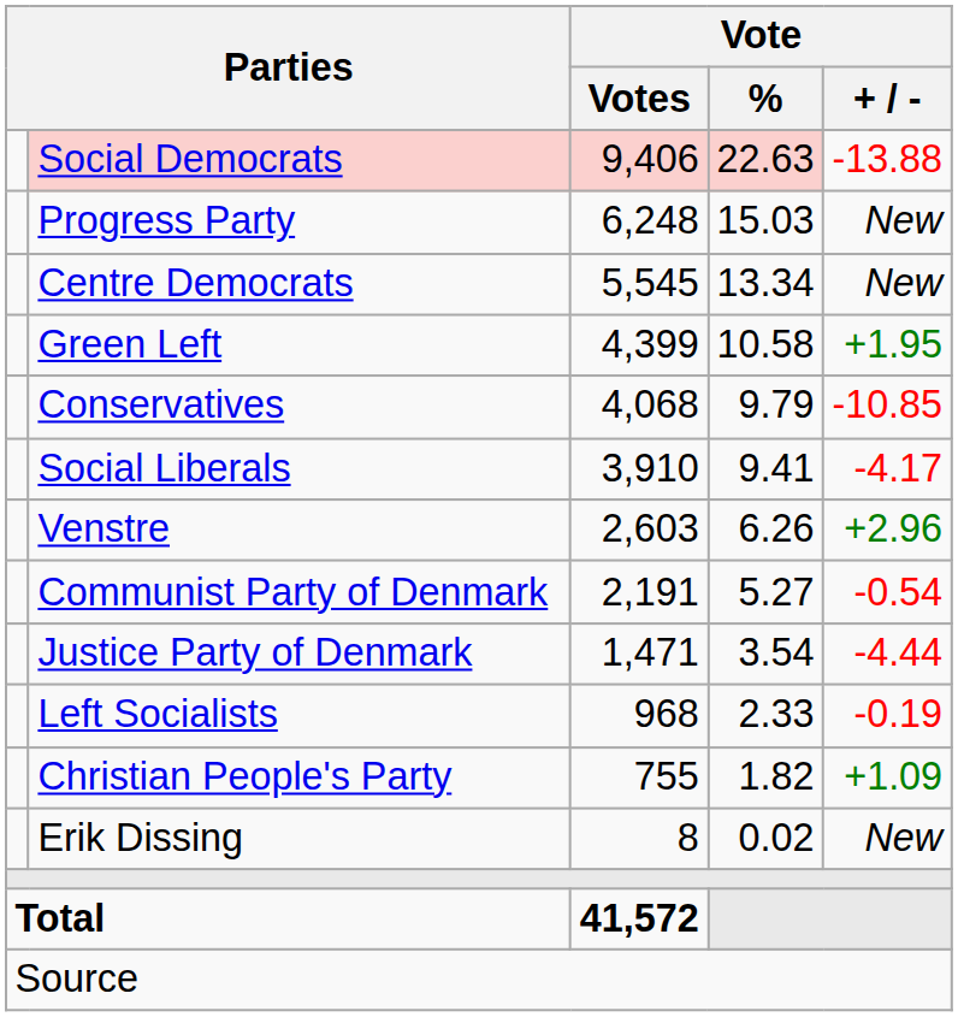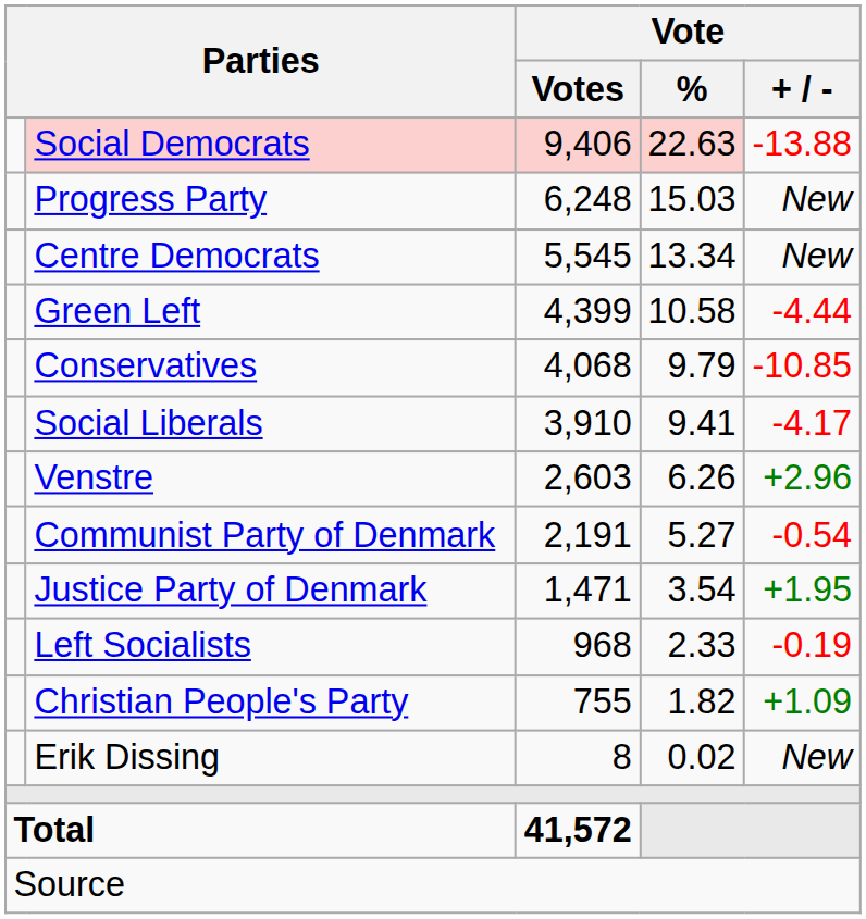 <table class="wikitable" style="text-align:right;">
 <tr>
 <th style="text-align:centre;" rowspan="2" colspan="2" width="225">Parties</th>
 <th colspan="3">Vote</th>
 </tr>
 <tr>
 <th width="15">Votes</th>
 <th width="15">%</th>
 <th width="15">+ / -</th>
 </tr>
 <tr>
 <td width="2" style="color:inherit;background:"></td>
 <td bgcolor=#fbd0ce  align="left"><a href='#'>Social Democrats</a></td>
 <td bgcolor=#fbd0ce>9,406</td>
 <td bgcolor=#fbd0ce>22.63</td>
 <td style=color:red;>-13.88</td>
 </tr>
 <tr>
 <td width="2" style="color:inherit;background:"></td>
 <td align="left"><a href='#'>Progress Party</a></td>
 <td>6,248</td>
 <td>15.03</td>
 <td><em>New</em></td>
 </tr>
 <tr>
 <td width="2" style="color:inherit;background:"></td>
 <td align="left"><a href='#'>Centre Democrats</a></td>
 <td>5,545</td>
 <td>13.34</td>
 <td><em>New</em></td>
 </tr>
 <tr>
 <td width="2" style="color:inherit;background:"></td>
 <td align="left"><a href='#'>Green Left</a></td>
 <td>4,399</td>
 <td>10.58</td>
-<td style=color:green;>+1.95</td>
+<td style=color:red;>-4.44</td>
 </tr>
 <tr>
 <td width="2" style="color:inherit;background:"></td>
 <td align="left"><a href='#'>Conservatives</a></td>
 <td>4,068</td>
 <td>9.79</td>
 <td style=color:red;>-10.85</td>
 </tr>
 <tr>
 <td width="2" style="color:inherit;background:"></td>
 <td align="left"><a href='#'>Social Liberals</a></td>
 <td>3,910</td>
 <td>9.41</td>
 <td style=color:red;>-4.17</td>
 </tr>
 <tr>
 <td width="2" style="color:inherit;background:"></td>
 <td align="left"><a href='#'>Venstre</a></td>
 <td>2,603</td>
 <td>6.26</td>
 <td style=color:green;>+2.96</td>
 </tr>
 <tr>
 <td width="2" style="color:inherit;background:"></td>
 <td align="left"><a href='#'>Communist Party of Denmark</a></td>
 <td>2,191</td>
 <td>5.27</td>
 <td style=color:red;>-0.54</td>
 </tr>
 <tr>
 <td width="2" style="color:inherit;background:"></td>
 <td align="left"><a href='#'>Justice Party of Denmark</a></td>
 <td>1,471</td>
 <td>3.54</td>
-<td style=color:red;>-4.44</td>
+<td style=color:green;>+1.95</td>
 </tr>
 <tr>
 <td width="2" style="color:inherit;background:"></td>
 <td align="left"><a href='#'>Left Socialists</a></td>
 <td>968</td>
 <td>2.33</td>
 <td style=color:red;>-0.19</td>
 </tr>
 <tr>
 <td width="2" style="color:inherit;background:"></td>
 <td align="left"><a href='#'>Christian People's Party</a></td>
 <td>755</td>
 <td>1.82</td>
 <td style=color:green;>+1.09</td>
 </tr>
 <tr>
 <td width="2" style="color:inherit;background:"></td>
 <td align="left">Erik Dissing</td>
 <td>8</td>
 <td>0.02</td>
 <td><em>New</em></td>
 </tr>
 <tr>
 <td colspan="7" bgcolor="#E9E9E9"></td>
 </tr>
 <tr>
 <td align="left" colspan="2"><strong>Total</strong></td>
 <td><strong>41,572</strong></td>
 <td bgcolor="#E9E9E9" colspan="2"></td>
 </tr>
 <tr>
 <td align="left" colspan="6">Source</td>
 </tr>
 </table>
